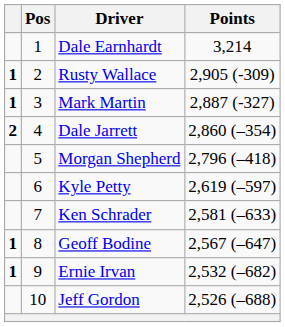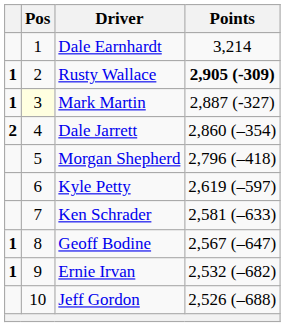 <table class="wikitable" style="font-size: 95%;">
 <tr>
 <th></th>
 <th>Pos</th>
 <th>Driver</th>
 <th>Points</th>
 </tr>
 <tr>
 <td align="left"></td>
 <td style="text-align:center;">1</td>
 <td><a href='#'>Dale Earnhardt</a></td>
 <td style="text-align:center;">3,214</td>
 </tr>
 <tr>
 <td align="left"> <strong>1</strong></td>
 <td style="text-align:center;">2</td>
 <td><a href='#'>Rusty Wallace</a></td>
-<td style="text-align:center;">2,905 (-309)</td>
+<td style="text-align:center;"><strong>2,905 (-309)</strong></td>
 </tr>
 <tr>
 <td align="left"> <strong>1</strong></td>
-<td style="text-align:center;">3</td>
+<td style="background: lightyellow; text-align:center;">3</td>
 <td><a href='#'>Mark Martin</a></td>
 <td style="text-align:center;">2,887 (-327)</td>
 </tr>
 <tr>
 <td align="left"> <strong>2</strong></td>
 <td style="text-align:center;">4</td>
 <td><a href='#'>Dale Jarrett</a></td>
 <td style="text-align:center;">2,860 (–354)</td>
 </tr>
 <tr>
 <td align="left"></td>
 <td style="text-align:center;">5</td>
 <td><a href='#'>Morgan Shepherd</a></td>
 <td style="text-align:center;">2,796 (–418)</td>
 </tr>
 <tr>
 <td align="left"></td>
 <td style="text-align:center;">6</td>
 <td><a href='#'>Kyle Petty</a></td>
 <td style="text-align:center;">2,619 (–597)</td>
 </tr>
 <tr>
 <td align="left"></td>
 <td style="text-align:center;">7</td>
 <td><a href='#'>Ken Schrader</a></td>
 <td style="text-align:center;">2,581 (–633)</td>
 </tr>
 <tr>
 <td align="left"> <strong>1</strong></td>
 <td style="text-align:center;">8</td>
 <td><a href='#'>Geoff Bodine</a></td>
 <td style="text-align:center;">2,567 (–647)</td>
 </tr>
 <tr>
 <td align="left"> <strong>1</strong></td>
 <td style="text-align:center;">9</td>
 <td><a href='#'>Ernie Irvan</a></td>
 <td style="text-align:center;">2,532 (–682)</td>
 </tr>
 <tr>
 <td align="left"></td>
 <td style="text-align:center;">10</td>
 <td><a href='#'>Jeff Gordon</a></td>
 <td style="text-align:center;">2,526 (–688)</td>
 </tr>
 <tr class="sortbottom">
 <th colspan="9"></th>
 </tr>
 </table>
